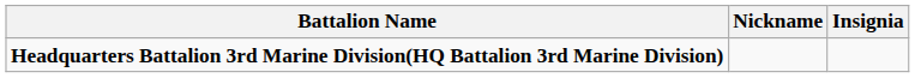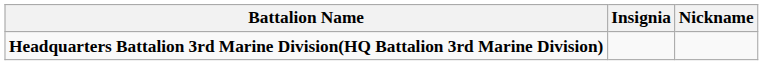 <table class="wikitable sortable" style="margin:1em auto; text-align:center;">
 <tr bgcolor="#CCCCCC">
 <th><strong>Battalion Name</strong></th>
+<th><strong>Insignia</strong></th>
 <th><strong>Nickname</strong></th>
-<th><strong>Insignia</strong></th>
 </tr>
 <tr>
 <td><strong>Headquarters Battalion 3rd Marine Division(HQ Battalion 3rd Marine Division)</strong></td>
+<td></td>
 <td> </td>
-<td></td>
 </tr>
 </table>
